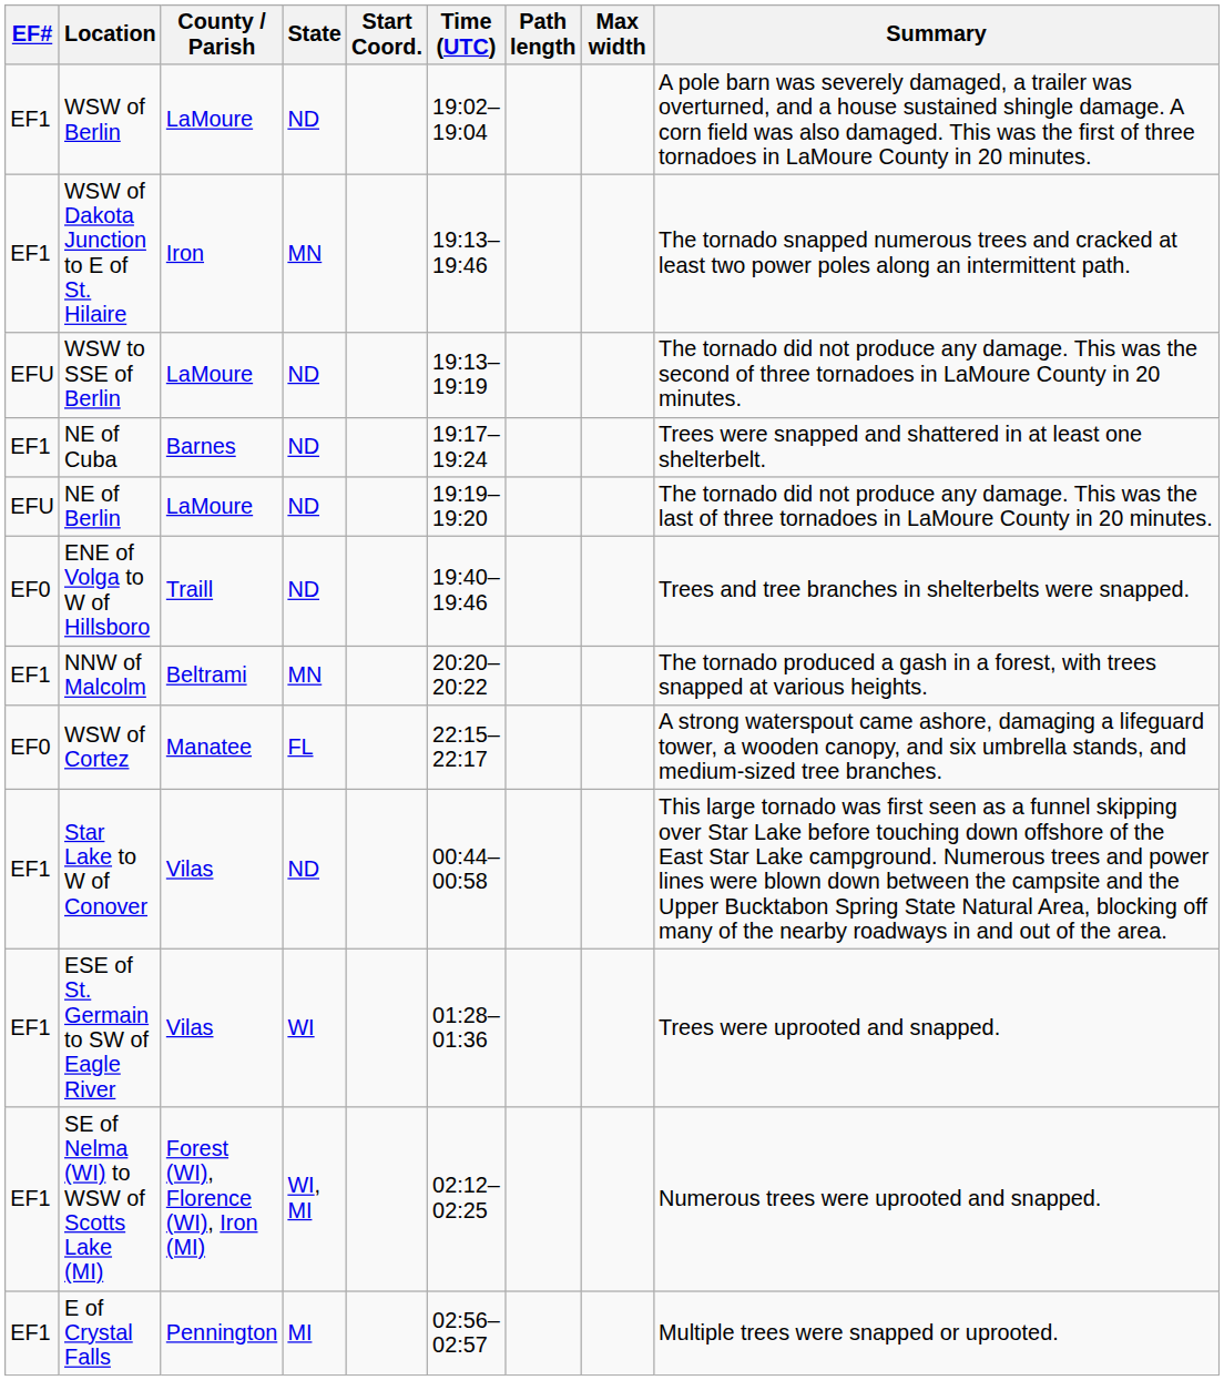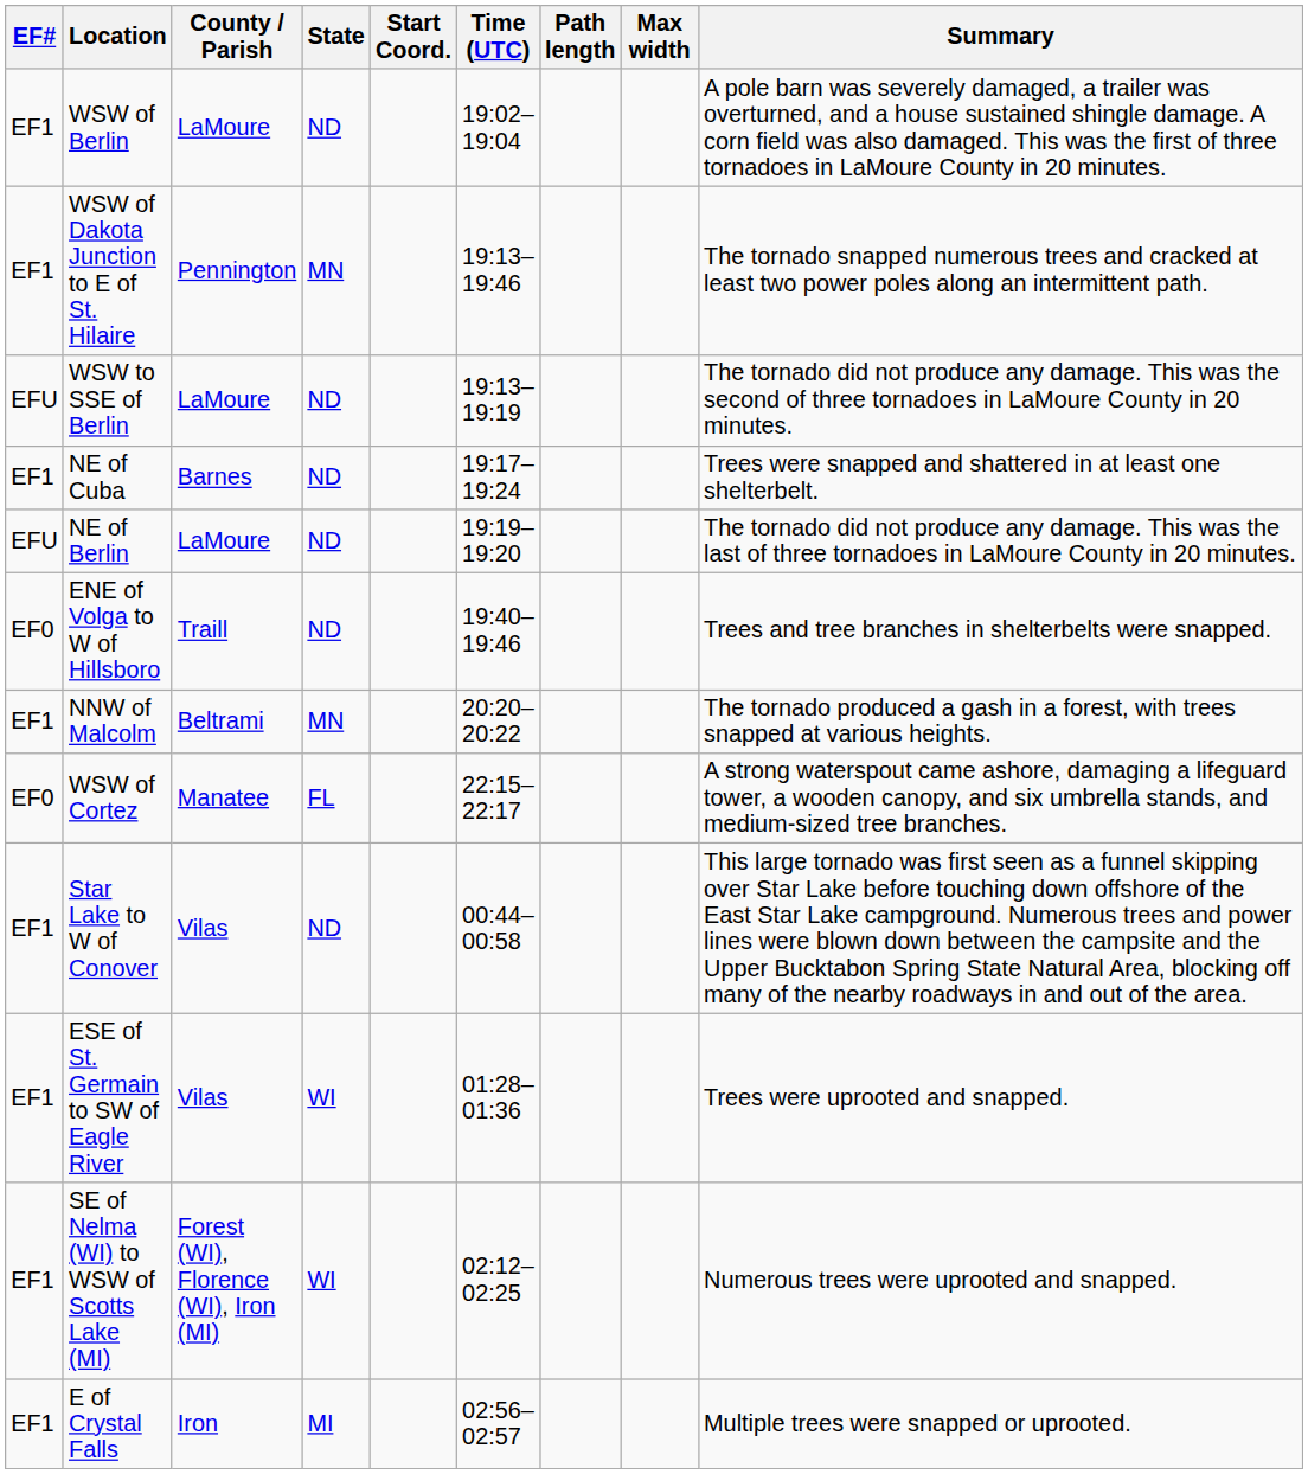 <table class="wikitable sortable" style="width:100%;">
 <tr>
 <th scope="col"  style="width:3%; text-align:center;"><a href='#'>EF#</a></th>
 <th scope="col"  style="width:7%; text-align:center;" class="unsortable">Location</th>
 <th scope="col"  style="width:6%; text-align:center;" class="unsortable">County / Parish</th>
 <th scope="col"  style="width:5%; text-align:center;">State</th>
 <th scope="col"  style="width:6%; text-align:center;">Start Coord.</th>
 <th scope="col"  style="width:6%; text-align:center;">Time (<a href='#'>UTC</a>)</th>
 <th scope="col"  style="width:6%; text-align:center;">Path length</th>
 <th scope="col"  style="width:6%; text-align:center;">Max width</th>
 <th scope="col" class="unsortable" style="width:48%; text-align:center;">Summary</th>
 </tr>
 <tr>
 <td>EF1</td>
 <td>WSW of <a href='#'>Berlin</a></td>
 <td><a href='#'>LaMoure</a></td>
 <td><a href='#'>ND</a></td>
 <td></td>
 <td>19:02–19:04</td>
 <td></td>
 <td></td>
 <td>A pole barn was severely damaged, a trailer was overturned, and a house sustained shingle damage. A corn field was also damaged. This was the first of three tornadoes in LaMoure County in 20 minutes.</td>
 </tr>
 <tr>
 <td>EF1</td>
 <td>WSW of <a href='#'>Dakota Junction</a> to E of <a href='#'>St. Hilaire</a></td>
-<td><a href='#'>Iron</a></td>
+<td><a href='#'>Pennington</a></td>
 <td><a href='#'>MN</a></td>
 <td></td>
 <td>19:13–19:46</td>
 <td></td>
 <td></td>
 <td>The tornado snapped numerous trees and cracked at least two power poles along an intermittent path.</td>
 </tr>
 <tr>
 <td>EFU</td>
 <td>WSW to SSE of <a href='#'>Berlin</a></td>
 <td><a href='#'>LaMoure</a></td>
 <td><a href='#'>ND</a></td>
 <td></td>
 <td>19:13–19:19</td>
 <td></td>
 <td></td>
 <td>The tornado did not produce any damage.  This was the second of three tornadoes in LaMoure County in 20 minutes.</td>
 </tr>
 <tr>
 <td>EF1</td>
 <td>NE of Cuba</td>
 <td><a href='#'>Barnes</a></td>
 <td><a href='#'>ND</a></td>
 <td></td>
 <td>19:17–19:24</td>
 <td></td>
 <td></td>
 <td>Trees were snapped and shattered in at least one shelterbelt.</td>
 </tr>
 <tr>
 <td>EFU</td>
 <td>NE of <a href='#'>Berlin</a></td>
 <td><a href='#'>LaMoure</a></td>
 <td><a href='#'>ND</a></td>
 <td></td>
 <td>19:19–19:20</td>
 <td></td>
 <td></td>
 <td>The tornado did not produce any damage. This was the last of three tornadoes in LaMoure County in 20 minutes.</td>
 </tr>
 <tr>
 <td>EF0</td>
 <td>ENE of <a href='#'>Volga</a> to W of <a href='#'>Hillsboro</a></td>
 <td><a href='#'>Traill</a></td>
 <td><a href='#'>ND</a></td>
 <td></td>
 <td>19:40–19:46</td>
 <td></td>
 <td></td>
 <td>Trees and tree branches in shelterbelts were snapped.</td>
 </tr>
 <tr>
 <td>EF1</td>
 <td>NNW of <a href='#'>Malcolm</a></td>
 <td><a href='#'>Beltrami</a></td>
 <td><a href='#'>MN</a></td>
 <td></td>
 <td>20:20–20:22</td>
 <td></td>
 <td></td>
 <td>The tornado produced a gash in a forest, with trees snapped at various heights.</td>
 </tr>
 <tr>
 <td>EF0</td>
 <td>WSW of <a href='#'>Cortez</a></td>
 <td><a href='#'>Manatee</a></td>
 <td><a href='#'>FL</a></td>
 <td></td>
 <td>22:15–22:17</td>
 <td></td>
 <td></td>
 <td>A strong waterspout came ashore, damaging a lifeguard tower, a wooden canopy, and six umbrella stands, and medium-sized tree branches.</td>
 </tr>
 <tr>
 <td>EF1</td>
 <td><a href='#'>Star Lake</a> to W of <a href='#'>Conover</a></td>
 <td><a href='#'>Vilas</a></td>
 <td><a href='#'>ND</a></td>
 <td></td>
 <td>00:44–00:58</td>
 <td></td>
 <td></td>
 <td>This large tornado was first seen as a funnel skipping over Star Lake before touching down offshore of the East Star Lake campground. Numerous trees and power lines were blown down between the campsite and the Upper Bucktabon Spring State Natural Area, blocking off many of the nearby roadways in and out of the area.</td>
 </tr>
 <tr>
 <td>EF1</td>
 <td>ESE of <a href='#'>St. Germain</a> to SW of <a href='#'>Eagle River</a></td>
 <td><a href='#'>Vilas</a></td>
 <td><a href='#'>WI</a></td>
 <td></td>
 <td>01:28–01:36</td>
 <td></td>
 <td></td>
 <td>Trees were uprooted and snapped.</td>
 </tr>
 <tr>
 <td>EF1</td>
 <td>SE of <a href='#'>Nelma (WI)</a> to WSW of <a href='#'>Scotts Lake (MI)</a></td>
 <td><a href='#'>Forest (WI)</a>, <a href='#'>Florence (WI)</a>, <a href='#'>Iron (MI)</a></td>
-<td><a href='#'>WI</a>, <a href='#'>MI</a></td>
+<td><a href='#'>WI</a></td>
 <td></td>
 <td>02:12–02:25</td>
 <td></td>
 <td></td>
 <td>Numerous trees were uprooted and snapped.</td>
 </tr>
 <tr>
 <td>EF1</td>
 <td>E of <a href='#'>Crystal Falls</a></td>
-<td><a href='#'>Pennington</a></td>
+<td><a href='#'>Iron</a></td>
 <td><a href='#'>MI</a></td>
 <td></td>
 <td>02:56–02:57</td>
 <td></td>
 <td></td>
 <td>Multiple trees were snapped or uprooted.</td>
 </tr>
 </table>
